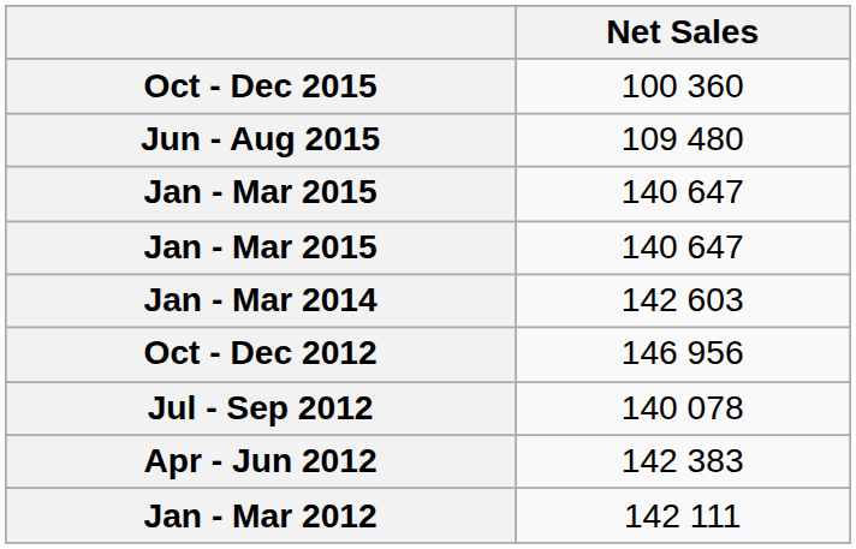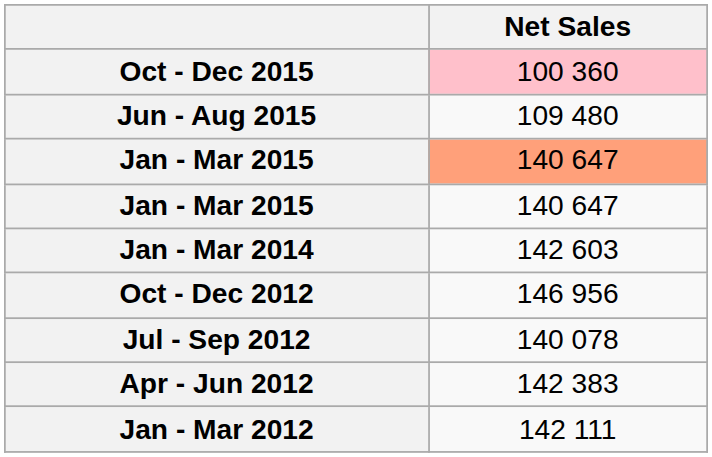 <table class="wikitable sortable" style="text-align:center; width:400px; height:150px;">
 <tr>
 <th></th>
 <th>Net Sales</th>
 </tr>
 <tr>
 <th scope="row">Oct - Dec 2015</th>
-<td>100 360</td>
+<td style="background: pink;">100 360</td>
 </tr>
 <tr>
 <th scope="row">Jun - Aug 2015</th>
 <td>109 480</td>
 </tr>
 <tr>
 <th scope="row">Jan - Mar 2015</th>
-<td>140 647</td>
+<td style="background: lightsalmon;">140 647</td>
 </tr>
 <tr>
 <th scope="row">Jan - Mar 2015</th>
 <td>140 647</td>
 </tr>
 <tr>
 <th scope="row">Jan - Mar 2014</th>
 <td>142 603</td>
 </tr>
 <tr>
 <th scope="row">Oct - Dec 2012</th>
 <td>146 956</td>
 </tr>
 <tr>
 <th scope="row">Jul - Sep 2012</th>
 <td>140 078</td>
 </tr>
 <tr>
 <th scope="row">Apr - Jun 2012</th>
 <td>142 383</td>
 </tr>
 <tr>
 <th scope="row">Jan - Mar 2012</th>
 <td>142 111</td>
 </tr>
 </table>
